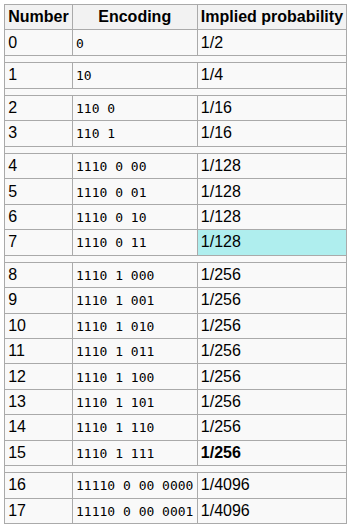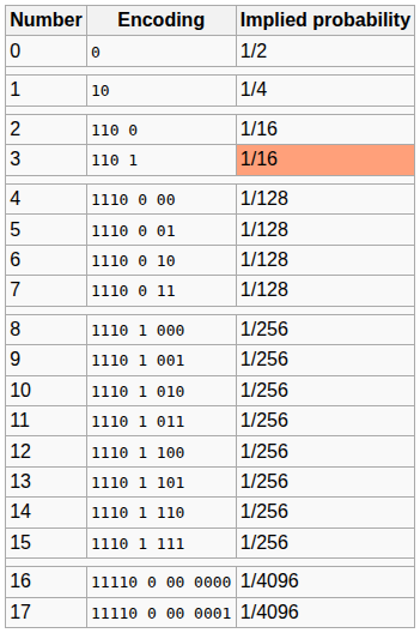 <table class="wikitable">
 <tr>
 <th>Number</th>
 <th>Encoding</th>
 <th>Implied probability</th>
 </tr>
 <tr>
 <td>0</td>
 <td><code>0</code></td>
 <td>1/2</td>
 </tr>
 <tr>
 <td colspan=4></td>
 </tr>
 <tr>
 <td>1</td>
 <td><code>10</code></td>
 <td>1/4</td>
 </tr>
 <tr>
 <td colspan=4></td>
 </tr>
 <tr>
 <td>2</td>
 <td><code>110 0</code></td>
 <td>1/16</td>
 </tr>
 <tr>
 <td>3</td>
 <td><code>110 1</code></td>
-<td>1/16</td>
+<td style="background: lightsalmon;">1/16</td>
 </tr>
 <tr>
 <td colspan=4></td>
 </tr>
 <tr>
 <td>4</td>
 <td><code>1110 0 00</code></td>
 <td>1/128</td>
 </tr>
 <tr>
 <td>5</td>
 <td><code>1110 0 01</code></td>
 <td>1/128</td>
 </tr>
 <tr>
 <td>6</td>
 <td><code>1110 0 10</code></td>
 <td>1/128</td>
 </tr>
 <tr>
 <td>7</td>
 <td><code>1110 0 11</code></td>
-<td style="background: paleturquoise;">1/128</td>
+<td>1/128</td>
 </tr>
 <tr>
 <td colspan=4></td>
 </tr>
 <tr>
 <td>8</td>
 <td><code>1110 1 000</code></td>
 <td>1/256</td>
 </tr>
 <tr>
 <td>9</td>
 <td><code>1110 1 001</code></td>
 <td>1/256</td>
 </tr>
 <tr>
 <td>10</td>
 <td><code>1110 1 010</code></td>
 <td>1/256</td>
 </tr>
 <tr>
 <td>11</td>
 <td><code>1110 1 011</code></td>
 <td>1/256</td>
 </tr>
 <tr>
 <td>12</td>
 <td><code>1110 1 100</code></td>
 <td>1/256</td>
 </tr>
 <tr>
 <td>13</td>
 <td><code>1110 1 101</code></td>
 <td>1/256</td>
 </tr>
 <tr>
 <td>14</td>
 <td><code>1110 1 110</code></td>
 <td>1/256</td>
 </tr>
 <tr>
 <td>15</td>
 <td><code>1110 1 111</code></td>
-<td><strong>1/256</strong></td>
+<td>1/256</td>
 </tr>
 <tr>
 <td colspan=4></td>
 </tr>
 <tr>
 <td>16</td>
 <td><code>11110 0 00 0000</code></td>
 <td>1/4096</td>
 </tr>
 <tr>
 <td>17</td>
 <td><code>11110 0 00 0001</code></td>
 <td>1/4096</td>
 </tr>
 </table>
